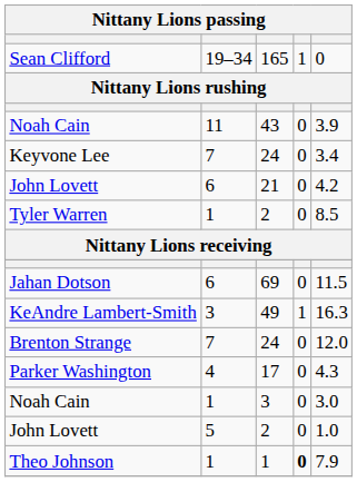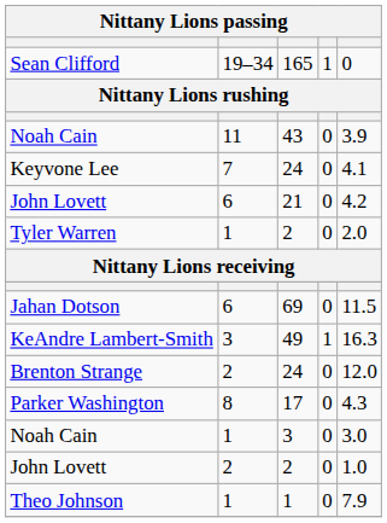 <table class="wikitable plainrowheaders">
 <tr>
 <th colspan="6">Nittany Lions passing</th>
 </tr>
 <tr>
 <th scope="col"></th>
 <th scope="col"></th>
 <th scope="col"></th>
 <th scope="col"></th>
 <th scope="col"></th>
 </tr>
 <tr>
 <td><a href='#'>Sean Clifford</a></td>
 <td>19–34</td>
 <td>165</td>
 <td>1</td>
 <td>0</td>
 </tr>
 <tr>
 <th colspan="6">Nittany Lions rushing</th>
 </tr>
 <tr>
 <th scope="col"></th>
 <th scope="col"></th>
 <th scope="col"></th>
 <th scope="col"></th>
 <th scope="col"></th>
 </tr>
 <tr>
 <td><a href='#'>Noah Cain</a></td>
 <td>11</td>
 <td>43</td>
 <td>0</td>
 <td>3.9</td>
 </tr>
 <tr>
 <td>Keyvone Lee</td>
 <td>7</td>
 <td>24</td>
 <td>0</td>
-<td>3.4</td>
+<td>4.1</td>
 </tr>
 <tr>
 <td><a href='#'>John Lovett</a></td>
 <td>6</td>
 <td>21</td>
 <td>0</td>
 <td>4.2</td>
 </tr>
 <tr>
 <td><a href='#'>Tyler Warren</a></td>
 <td>1</td>
 <td>2</td>
 <td>0</td>
-<td>8.5</td>
+<td>2.0</td>
 </tr>
 <tr>
 <th colspan="6">Nittany Lions receiving</th>
 </tr>
 <tr>
 </tr>
 <tr>
 <th scope="col"></th>
 <th scope="col"></th>
 <th scope="col"></th>
 <th scope="col"></th>
 <th scope="col"></th>
 </tr>
 <tr>
 <td><a href='#'>Jahan Dotson</a></td>
 <td>6</td>
 <td>69</td>
 <td>0</td>
 <td>11.5</td>
 </tr>
 <tr>
 <td><a href='#'>KeAndre Lambert-Smith</a></td>
 <td>3</td>
 <td>49</td>
 <td>1</td>
 <td>16.3</td>
 </tr>
 <tr>
 <td><a href='#'>Brenton Strange</a></td>
-<td>7</td>
+<td>2</td>
 <td>24</td>
 <td>0</td>
 <td>12.0</td>
 </tr>
 <tr>
 <td><a href='#'>Parker Washington</a></td>
-<td>4</td>
+<td>8</td>
 <td>17</td>
 <td>0</td>
 <td>4.3</td>
 </tr>
 <tr>
 <td>Noah Cain</td>
 <td>1</td>
 <td>3</td>
 <td>0</td>
 <td>3.0</td>
 </tr>
 <tr>
 <td>John Lovett</td>
-<td>5</td>
+<td>2</td>
 <td>2</td>
 <td>0</td>
 <td>1.0</td>
 </tr>
 <tr>
 <td><a href='#'>Theo Johnson</a></td>
 <td>1</td>
 <td>1</td>
-<td><strong>0</strong></td>
+<td>0</td>
 <td>7.9</td>
 </tr>
 <tr>
 </tr>
 </table>
